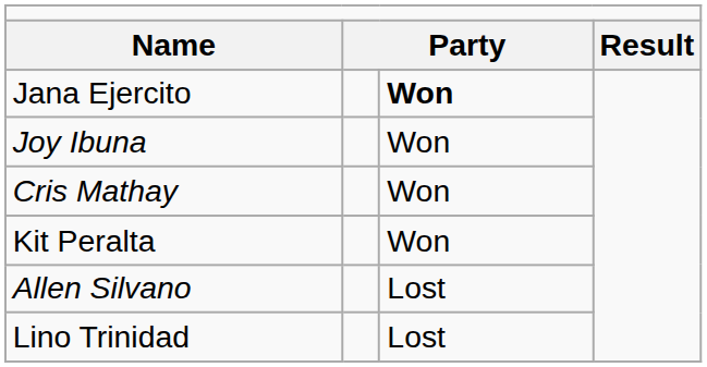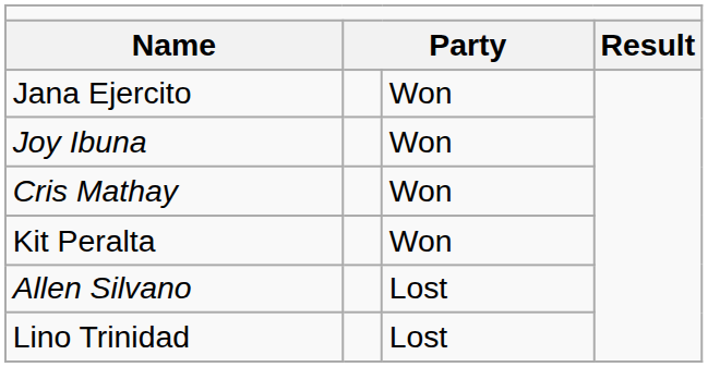 <table class=wikitable style="font-size:90%">
 <tr>
 <td colspan=4 bgcolor=></td>
 </tr>
 <tr>
 <th width=150px>Name</th>
 <th colspan=2 width=110px>Party</th>
 <th>Result</th>
 </tr>
 <tr>
 <td>Jana Ejercito</td>
 <td></td>
-<td><strong>Won</strong></td>
+<td>Won</td>
 </tr>
 <tr>
 <td><em>Joy Ibuna</em></td>
 <td></td>
 <td>Won</td>
 </tr>
 <tr>
 <td><em>Cris Mathay</em></td>
 <td></td>
 <td>Won</td>
 </tr>
 <tr>
 <td>Kit Peralta</td>
 <td></td>
 <td>Won</td>
 </tr>
 <tr>
 <td><em>Allen Silvano</em></td>
 <td></td>
 <td>Lost</td>
 </tr>
 <tr>
 <td>Lino Trinidad</td>
 <td></td>
 <td>Lost</td>
 </tr>
 </table>
